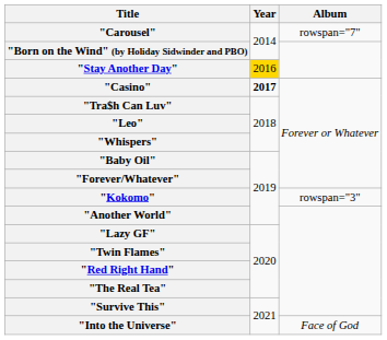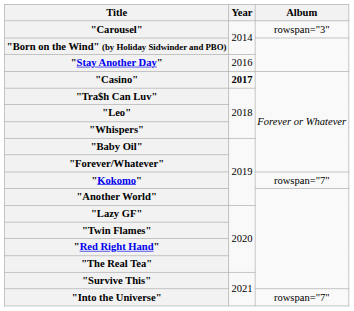 <table class="wikitable plainrowheaders" style="text-align:center;">
 <tr>
 <th scope="col">Title</th>
 <th scope="col">Year</th>
 <th scope="col">Album</th>
 </tr>
 <tr>
 <th scope="row">"Carousel"</th>
 <td rowspan="2">2014</td>
-<td>rowspan="7" </td>
+<td>rowspan="3" </td>
 </tr>
 <tr>
 <th scope="row">"Born on the Wind" <small>(by Holiday Sidwinder and PBO)</small></th>
 </tr>
 <tr>
 <th scope="row">"<a href='#'>Stay Another Day</a>"</th>
-<td style="background: gold;">2016</td>
+<td>2016</td>
 </tr>
 <tr>
 <th scope="row">"Casino"</th>
 <td><strong>2017</strong></td>
 <td rowspan="6"><em>Forever or Whatever</em></td>
 </tr>
 <tr>
 <th scope="row">"Tra$h Can Luv"</th>
 <td rowspan="3">2018</td>
 </tr>
 <tr>
 <th scope="row">"Leo"</th>
 </tr>
 <tr>
 <th scope="row">"Whispers"</th>
 </tr>
 <tr>
 <th scope="row">"Baby Oil"</th>
 <td rowspan="4">2019</td>
 </tr>
 <tr>
 <th scope="row">"Forever/Whatever"</th>
 </tr>
 <tr>
 <th scope="row">"<a href='#'>Kokomo</a>"</th>
-<td>rowspan="3" </td>
+<td>rowspan="7" </td>
 </tr>
 <tr>
 <th scope="row">"Another World"</th>
 </tr>
 <tr>
 <th scope="row">"Lazy GF"</th>
 <td rowspan="4">2020</td>
 </tr>
 <tr>
 <th scope="row">"Twin Flames"</th>
 </tr>
 <tr>
 <th scope="row">"<a href='#'>Red Right Hand</a>"</th>
 </tr>
 <tr>
 <th scope="row">"The Real Tea"</th>
 </tr>
 <tr>
 <th scope="row">"Survive This"</th>
 <td rowspan="2">2021</td>
 </tr>
 <tr>
 <th scope="row">"Into the Universe"</th>
-<td><em>Face of God</em></td>
+<td>rowspan="7" </td>
 </tr>
 </table>
